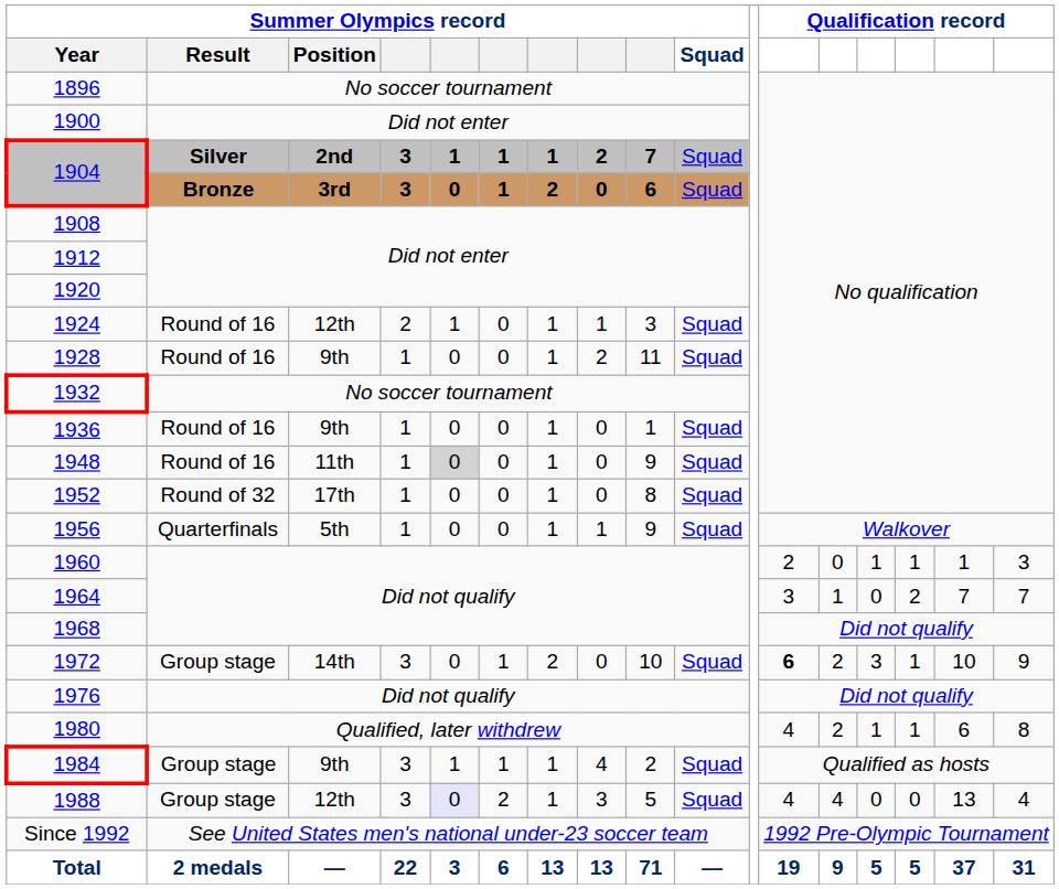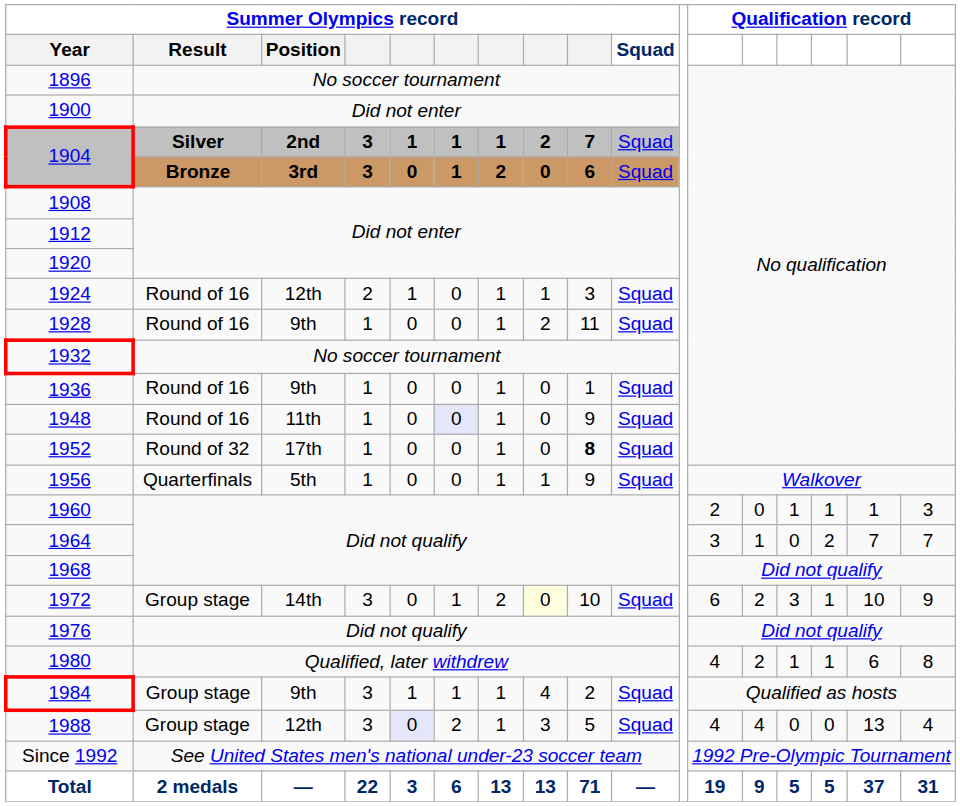 <table class="wikitable" style="text-align: center;">
 <tr>
 <th colspan="10" style="color:#002868; background:white;"><a href='#'>Summer Olympics</a> record</th>
 <th rowspan="26" style="color:#002868; background:white;"></th>
 <th colspan="6" style="color:#002868; background:white;"><a href='#'>Qualification</a> record</th>
 </tr>
 <tr>
 <th style="width:100px;" style="color:#002868; background:white;">Year</th>
 <th style="width:100px;" style="color:#002868; background:white;">Result</th>
 <th style="width:60px;" style="color:#002868; background:white;">Position</th>
 <th style="width:30px;" style="color:#002868; background:white;"></th>
 <th style="width:30px;" style="color:#002868; background:white;"></th>
 <th style="width:30px;" style="color:#002868; background:white;"></th>
 <th style="width:30px;" style="color:#002868; background:white;"></th>
 <th style="width:30px;" style="color:#002868; background:white;"></th>
 <th style="width:30px;" style="color:#002868; background:white;"></th>
 <th style="color:#002868; background:white;">Squad</th>
 <th style="color:#002868; background:white;"></th>
 <th style="color:#002868; background:white;"></th>
 <th style="color:#002868; background:white;"></th>
 <th style="color:#002868; background:white;"></th>
 <th style="color:#002868; background:white;"></th>
 <th style="color:#002868; background:white;"></th>
 </tr>
 <tr>
 <td> <a href='#'>1896</a></td>
 <td colspan="9"><em>No soccer tournament</em></td>
 <td colspan="6" rowspan="13"><em>No qualification</em></td>
 </tr>
 <tr>
 <td> <a href='#'>1900</a></td>
 <td colspan="9"><em>Did not enter</em></td>
 </tr>
 <tr bgcolor="silver">
 <td rowspan="2" style="border: 3px solid red"> <a href='#'>1904</a></td>
 <td><strong>Silver</strong></td>
 <td><strong>2nd</strong></td>
 <td><strong>3</strong></td>
 <td><strong>1</strong></td>
 <td><strong>1</strong></td>
 <td><strong>1</strong></td>
 <td><strong>2</strong></td>
 <td><strong>7</strong></td>
 <td><a href='#'>Squad</a></td>
 </tr>
 <tr bgcolor="#c96">
 <td><strong>Bronze</strong></td>
 <td><strong>3rd</strong></td>
 <td><strong>3</strong></td>
 <td><strong>0</strong></td>
 <td><strong>1</strong></td>
 <td><strong>2</strong></td>
 <td><strong>0</strong></td>
 <td><strong>6</strong></td>
 <td><a href='#'>Squad</a></td>
 </tr>
 <tr>
 <td> <a href='#'>1908</a></td>
 <td colspan="9" rowspan="3"><em>Did not enter</em></td>
 </tr>
 <tr>
 <td> <a href='#'>1912</a></td>
 </tr>
 <tr>
 <td> <a href='#'>1920</a></td>
 </tr>
 <tr>
 <td> <a href='#'>1924</a></td>
 <td>Round of 16</td>
 <td>12th</td>
 <td>2</td>
 <td>1</td>
 <td>0</td>
 <td>1</td>
 <td>1</td>
 <td>3</td>
 <td><a href='#'>Squad</a></td>
 </tr>
 <tr>
 <td> <a href='#'>1928</a></td>
 <td>Round of 16</td>
 <td>9th</td>
 <td>1</td>
 <td>0</td>
 <td>0</td>
 <td>1</td>
 <td>2</td>
 <td>11</td>
 <td><a href='#'>Squad</a></td>
 </tr>
 <tr>
 <td style="border: 3px solid red"> <a href='#'>1932</a></td>
 <td colspan="9"><em>No soccer tournament</em></td>
 </tr>
 <tr>
 <td> <a href='#'>1936</a></td>
 <td>Round of 16</td>
 <td>9th</td>
 <td>1</td>
 <td>0</td>
 <td>0</td>
 <td>1</td>
 <td>0</td>
 <td>1</td>
 <td><a href='#'>Squad</a></td>
 </tr>
 <tr>
 <td> <a href='#'>1948</a></td>
 <td>Round of 16</td>
 <td>11th</td>
 <td>1</td>
-<td style="background: lightgrey;">0</td>
 <td>0</td>
+<td style="background: lavender;">0</td>
 <td>1</td>
 <td>0</td>
 <td>9</td>
 <td><a href='#'>Squad</a></td>
 </tr>
 <tr>
 <td> <a href='#'>1952</a></td>
 <td>Round of 32</td>
 <td>17th</td>
 <td>1</td>
 <td>0</td>
 <td>0</td>
 <td>1</td>
 <td>0</td>
-<td>8</td>
+<td><strong>8</strong></td>
 <td><a href='#'>Squad</a></td>
 </tr>
 <tr>
 <td> <a href='#'>1956</a></td>
 <td>Quarterfinals</td>
 <td>5th</td>
 <td>1</td>
 <td>0</td>
 <td>0</td>
 <td>1</td>
 <td>1</td>
 <td>9</td>
 <td><a href='#'>Squad</a></td>
 <td colspan="6"><a href='#'><em>Walkover</em></a></td>
 </tr>
 <tr>
 <td> <a href='#'>1960</a></td>
 <td colspan="9" rowspan="3"><em>Did not qualify</em></td>
 <td>2</td>
 <td>0</td>
 <td>1</td>
 <td>1</td>
 <td>1</td>
 <td>3</td>
 </tr>
 <tr>
 <td> <a href='#'>1964</a></td>
 <td>3</td>
 <td>1</td>
 <td>0</td>
 <td>2</td>
 <td>7</td>
 <td>7</td>
 </tr>
 <tr>
 <td> <a href='#'>1968</a></td>
 <td colspan="6"><em><a href='#'>Did not qualify</a></em></td>
 </tr>
 <tr>
 <td> <a href='#'>1972</a></td>
 <td>Group stage</td>
 <td>14th</td>
 <td>3</td>
 <td>0</td>
 <td>1</td>
 <td>2</td>
-<td>0</td>
+<td style="background: lightyellow;">0</td>
 <td>10</td>
 <td><a href='#'>Squad</a></td>
-<td><strong>6</strong></td>
+<td>6</td>
 <td>2</td>
 <td>3</td>
 <td>1</td>
 <td>10</td>
 <td>9</td>
 </tr>
 <tr>
 <td> <a href='#'>1976</a></td>
 <td colspan="9"><em>Did not qualify</em></td>
 <td colspan="6"><em><a href='#'>Did not qualify</a></em></td>
 </tr>
 <tr>
 <td> <a href='#'>1980</a></td>
 <td colspan="9"><em>Qualified, later <a href='#'>withdrew</a></em></td>
 <td>4</td>
 <td>2</td>
 <td>1</td>
 <td>1</td>
 <td>6</td>
 <td>8</td>
 </tr>
 <tr>
 <td style="border: 3px solid red"> <a href='#'>1984</a></td>
 <td>Group stage</td>
 <td>9th</td>
 <td>3</td>
 <td>1</td>
 <td>1</td>
 <td>1</td>
 <td>4</td>
 <td>2</td>
 <td><a href='#'>Squad</a></td>
 <td colspan="6"><em>Qualified as hosts</em></td>
 </tr>
 <tr>
 <td> <a href='#'>1988</a></td>
 <td>Group stage</td>
 <td>12th</td>
 <td>3</td>
 <td style="background: lavender;">0</td>
 <td>2</td>
 <td>1</td>
 <td>3</td>
 <td>5</td>
 <td><a href='#'>Squad</a></td>
 <td>4</td>
 <td>4</td>
 <td>0</td>
 <td>0</td>
 <td>13</td>
 <td>4</td>
 </tr>
 <tr>
 <td>Since <a href='#'>1992</a></td>
 <td colspan=9><em>See <a href='#'>United States men's national under-23 soccer team</a></em></td>
 <td colspan="6"><em><a href='#'>1992 Pre-Olympic Tournament</a></em></td>
 </tr>
 <tr>
 <th style="color:#002868; background:white;"><strong>Total</strong></th>
 <th style="color:#002868; background:white;">2 medals</th>
 <th style="color:#002868; background:white;"><strong>—</strong></th>
 <th style="color:#002868; background:white;"><strong>22</strong></th>
 <th style="color:#002868; background:white;"><strong>3</strong></th>
 <th style="color:#002868; background:white;"><strong>6</strong></th>
 <th style="color:#002868; background:white;"><strong>13</strong></th>
 <th style="color:#002868; background:white;"><strong>13</strong></th>
 <th style="color:#002868; background:white;"><strong>71</strong></th>
 <th style="color:#002868; background:white;"><strong>—</strong></th>
 <th style="color:#002868; background:white;">19</th>
 <th style="color:#002868; background:white;">9</th>
 <th style="color:#002868; background:white;">5</th>
 <th style="color:#002868; background:white;">5</th>
 <th style="color:#002868; background:white;">37</th>
 <th style="color:#002868; background:white;">31</th>
 </tr>
 </table>
